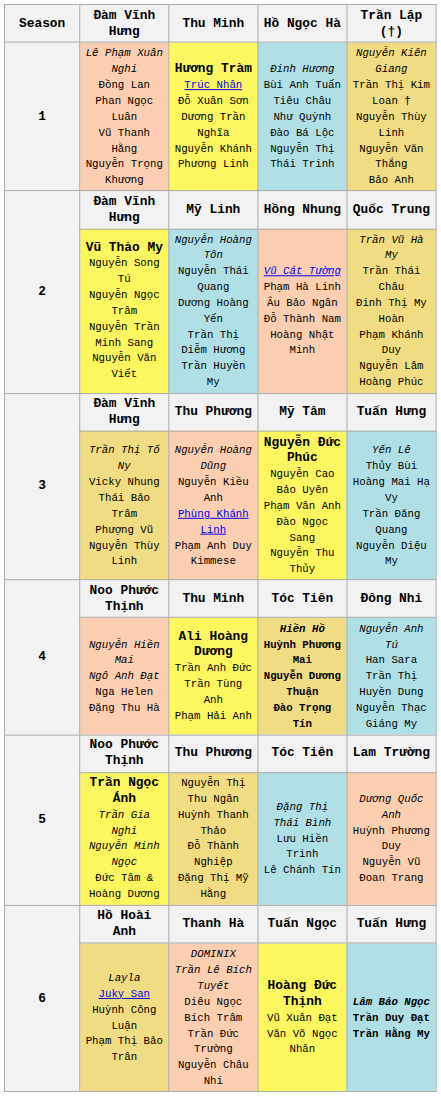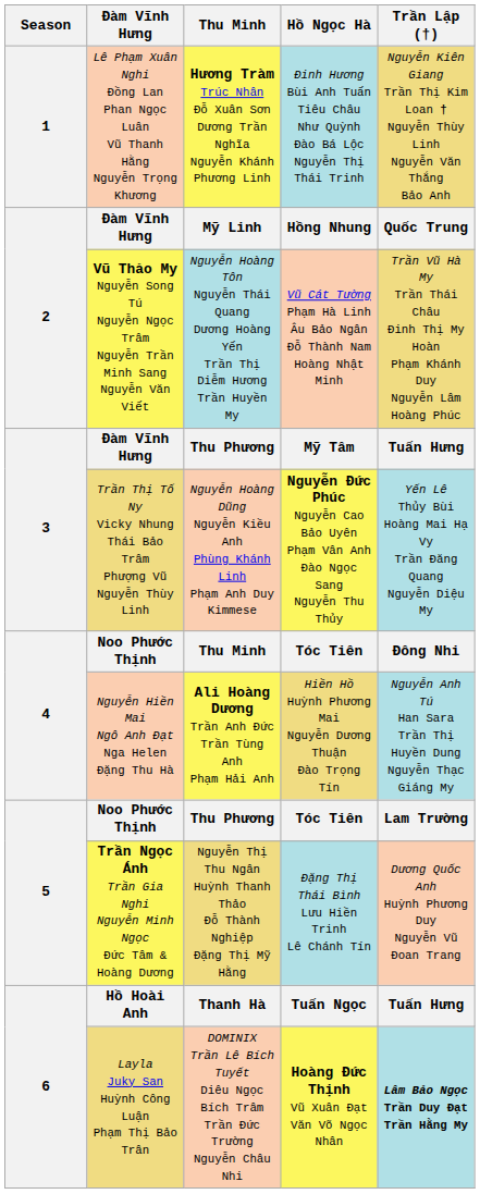 <table class="wikitable" style="text-align:center; line-height:16px; width:70%;">
 <tr>
 <th style="width:9%;" scope="col">Season</th>
 <th style="width:13%;" scope="col">Đàm Vĩnh Hưng</th>
 <th style="width:13%;" scope="col">Thu Minh</th>
 <th style="width:13%;" scope="col">Hồ Ngọc Hà</th>
 <th style="width:13%;" scope="col">Trần Lập (†)</th>
 </tr>
 <tr>
 <th scope="row">1</th>
 <td style="background:#FBCEB1;"><small><em>Lê Phạm Xuân Nghi</em><br>Đồng Lan<br>Phan Ngọc Luân<br>Vũ Thanh Hằng<br>Nguyễn Trọng Khương</small></td>
 <td style="background:#FCF75E;"><strong>Hương Tràm</strong><br><small><a href='#'>Trúc Nhân</a><br>Đỗ Xuân Sơn<br>Dương Trần Nghĩa<br>Nguyễn Khánh Phương Linh<br></small></td>
 <td style="background:#B0E0E6;"><small><em>Đinh Hương</em><br>Bùi Anh Tuấn<br>Tiêu Châu Như Quỳnh<br>Đào Bá Lộc<br>Nguyễn Thị Thái Trinh</small></td>
 <td style="background:#F0DC82;"><small><em>Nguyễn Kiên Giang</em><br>Trần Thị Kim Loan <strong>†</strong><br>Nguyễn Thùy Linh<br>Nguyễn Văn Thắng<br>Bảo Anh<br></small></td>
 </tr>
 <tr>
 <th scope="row" rowspan="2">2</th>
 <th style="width:13%;" scope="col">Đàm Vĩnh Hưng</th>
 <th style="width:13%;" scope="col">Mỹ Linh</th>
 <th style="width:13%;" scope="col">Hồng Nhung</th>
 <th style="width:13%;" scope="col">Quốc Trung</th>
 </tr>
 <tr>
 <td style="background:#FCF75E;"><strong>Vũ Thảo My</strong><br><small>Nguyễn Song Tú<br>Nguyễn Ngọc Trâm<br>Nguyễn Trần Minh Sang<br>Nguyễn Văn Viết</small></td>
 <td style="background:#B0E0E6;"><small><em>Nguyễn Hoàng Tôn</em><br>Nguyễn Thái Quang<br>Dương Hoàng Yến<br>Trần Thị Diễm Hương<br>Trần Huyền My</small></td>
 <td style="background:#FBCEB1;"><small><em><a href='#'>Vũ Cát Tường</a></em><br>Phạm Hà Linh<br>Âu Bảo Ngân<br>Đỗ Thành Nam<br>Hoàng Nhật Minh</small></td>
 <td style="background:#F0DC82;"><small><em>Trần Vũ Hà My</em><br>Trần Thái Châu<br>Đinh Thị My Hoàn<br>Phạm Khánh Duy<br>Nguyễn Lâm Hoàng Phúc</small></td>
 </tr>
 <tr>
 <th scope="row" rowspan="2">3</th>
 <th style="width:13%;" scope="col">Đàm Vĩnh Hưng</th>
 <th style="width:13%;" scope="col">Thu Phương</th>
 <th style="width:13%;" scope="col">Mỹ Tâm</th>
 <th style="width:13%;" scope="col">Tuấn Hưng</th>
 </tr>
 <tr>
 <td style="background:#F0DC82;"><small><em>Trần Thị Tố Ny</em><br>Vicky Nhung<br>Thái Bảo Trâm<br>Phượng Vũ<br>Nguyễn Thùy Linh</small></td>
 <td style="background:#FBCEB1;"><small><em>Nguyễn Hoàng Dũng</em><br>Nguyễn Kiều Anh<br><a href='#'>Phùng Khánh Linh</a><br>Phạm Anh Duy<br>Kimmese</small></td>
 <td style="background:#FCF75E;"><strong>Nguyễn Đức Phúc</strong><br><small>Nguyễn Cao Bảo Uyên<br>Phạm Vân Anh<br>Đào Ngọc Sang<br>Nguyễn Thu Thủy</small></td>
 <td style="background:#B0E0E6;"><small><em>Yến Lê</em><br>Thủy Bùi<br>Hoàng Mai Hạ Vy<br>Trần Đăng Quang<br>Nguyễn Diệu My</small></td>
 </tr>
 <tr>
 <th scope="row" rowspan="2">4</th>
 <th style="width:13%;" scope="col">Noo Phước Thịnh</th>
 <th style="width:13%;" scope="col">Thu Minh</th>
 <th style="width:13%;" scope="col">Tóc Tiên</th>
 <th style="width:13%;" scope="col">Đông Nhi</th>
 </tr>
 <tr>
 <td style="background:#FBCEB1;"><small><em>Nguyễn Hiền Mai</em><br><em>Ngô Anh Đạt</em><br>Nga Helen<br>Đặng Thu Hà</small></td>
 <td style="background:#FCF75E;"><strong>Ali Hoàng Dương</strong><br><small>Trần Anh Đức<br>Trần Tùng Anh<br>Phạm Hải Anh<br></small></td>
-<td style="background:#F0DC82;"><strong><small><em>Hiền Hồ</em><br>Huỳnh Phương Mai<br>Nguyễn Dương Thuận<br>Đào Trọng Tín<br></small></strong></td>
+<td style="background:#F0DC82;"><small><em>Hiền Hồ</em><br>Huỳnh Phương Mai<br>Nguyễn Dương Thuận<br>Đào Trọng Tín<br></small></td>
 <td style="background:#B0E0E6;"><small><em>Nguyễn Anh Tú</em><br>Han Sara<br>Trần Thị Huyền Dung<br>Nguyễn Thạc Giáng My</small></td>
 </tr>
 <tr>
 <th scope="row" rowspan="2">5</th>
 <th style="width:13%;" scope="col">Noo Phước Thịnh</th>
 <th style="width:13%;" scope="col">Thu Phương</th>
 <th style="width:13%;" scope="col">Tóc Tiên</th>
 <th style="width:13%;" scope="col">Lam Trường</th>
 </tr>
 <tr>
 <td style="background:#FCF75E;"><strong>Trần Ngọc Ánh</strong><br><small><em>Trần Gia Nghi</em><br><em>Nguyễn Minh Ngọc</em><br>Đức Tâm & Hoàng Dương</small></td>
 <td style="background:#F0DC82;"><small>Nguyễn Thị Thu Ngân<br>Huỳnh Thanh Thảo<br>Đỗ Thành Nghiệp<br>Đặng Thị Mỹ Hằng</small></td>
 <td style="background:#B0E0E6;"><small><em>Đặng Thị Thái Bình</em><br>Lưu Hiền Trinh<br>Lê Chánh Tín</small></td>
 <td style="background:#FBCEB1;"><small><em>Dương Quốc Anh</em><br>Huỳnh Phương Duy<br>Nguyễn Vũ Đoan Trang</small></td>
 </tr>
 <tr>
 <th scope="row" rowspan="2">6</th>
 <th style="width:13%;" scope="col">Hồ Hoài Anh</th>
 <th style="width:13%;" scope="col">Thanh Hà</th>
 <th style="width:13%;" scope="col">Tuấn Ngọc</th>
 <th style="width:13%;" scope="col">Tuấn Hưng</th>
 </tr>
 <tr>
 <td style="background:#F0DC82;"><small><em>Layla</em><br><a href='#'>Juky San</a><br>Huỳnh Công Luận<br>Phạm Thị Bảo Trân</small></td>
 <td style="background:#FBCEB1;"><small><em>DOMINIX</em><br><em>Trần Lê Bích Tuyết</em><br>Diêu Ngọc Bích Trâm<br>Trần Đức Trường<br>Nguyễn Châu Nhi</small></td>
 <td style="background:#FCF75E;"><strong>Hoàng Đức Thịnh</strong><br><small>Vũ Xuân Đạt<br>Văn Võ Ngọc Nhân</small></td>
 <td style="background:#B0E0E6;"><strong><small><em>Lâm Bảo Ngọc</em><br>Trần Duy Đạt<br>Trần Hằng My</small></strong></td>
 </tr>
 </table>
